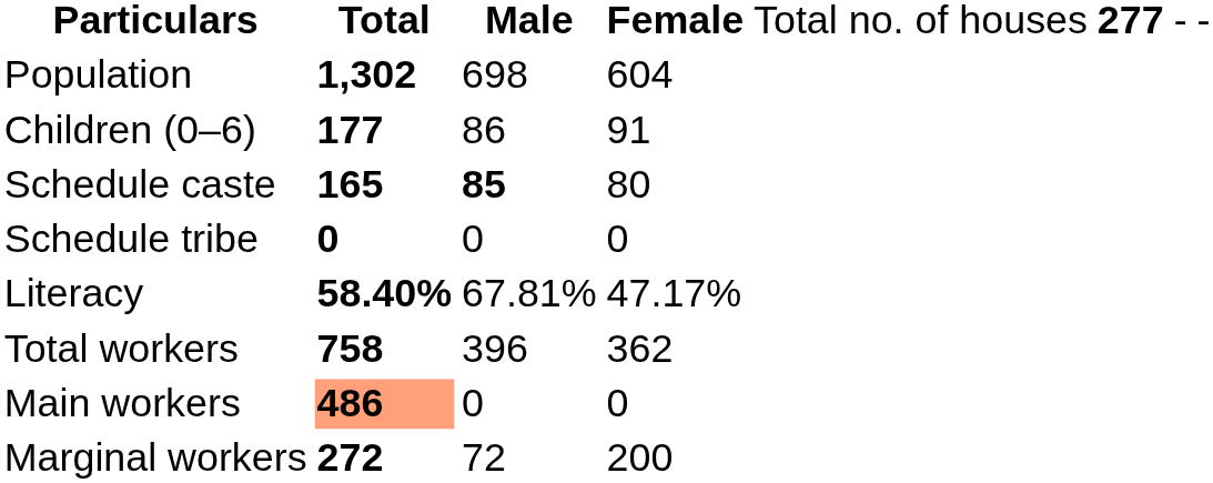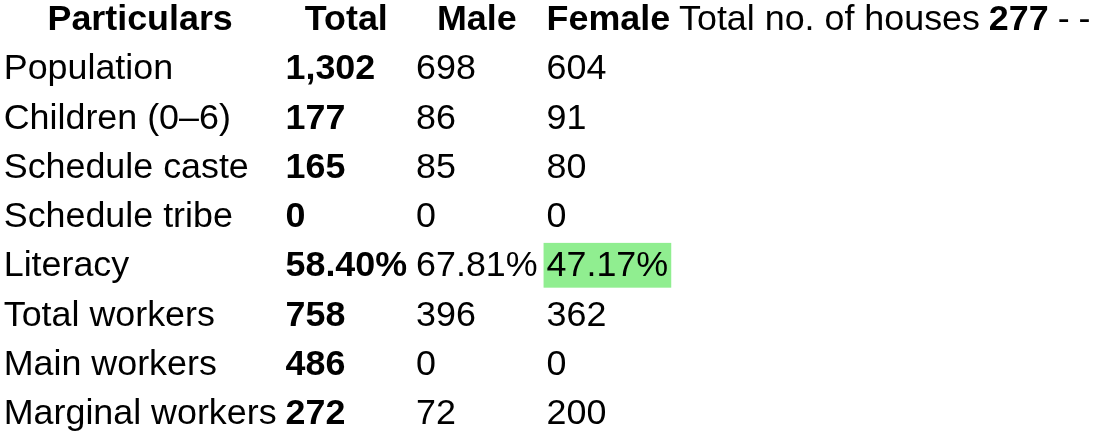 <table class="table table1 table-striped table-hover ">
 <tr>
 <th>Particulars</th>
 <th>Total</th>
 <th>Male</th>
 <th>Female</th>
 <td>Total no. of houses</td>
 <td><strong>277</strong></td>
 <td>-</td>
 <td>-</td>
 </tr>
 <tr>
 <td>Population</td>
 <td><strong>1,302</strong></td>
 <td>698</td>
 <td>604</td>
 </tr>
 <tr>
 <td>Children (0–6)</td>
 <td><strong>177</strong></td>
 <td>86</td>
 <td>91</td>
 </tr>
 <tr>
 <td>Schedule caste</td>
 <td><strong>165</strong></td>
-<td><strong>85</strong></td>
+<td>85</td>
 <td>80</td>
 </tr>
 <tr>
 <td>Schedule tribe</td>
 <td><strong>0</strong></td>
 <td>0</td>
 <td>0</td>
 </tr>
 <tr>
 <td>Literacy</td>
 <td><strong>58.40%</strong></td>
 <td>67.81%</td>
-<td>47.17%</td>
+<td style="background: lightgreen;">47.17%</td>
 </tr>
 <tr>
 <td>Total workers</td>
 <td><strong>758</strong></td>
 <td>396</td>
 <td>362</td>
 </tr>
 <tr>
 <td>Main workers</td>
-<td style="background: lightsalmon;"><strong>486</strong></td>
+<td><strong>486</strong></td>
 <td>0</td>
 <td>0</td>
 </tr>
 <tr>
 <td>Marginal workers</td>
 <td><strong>272</strong></td>
 <td>72</td>
 <td>200</td>
 </tr>
 </table>
